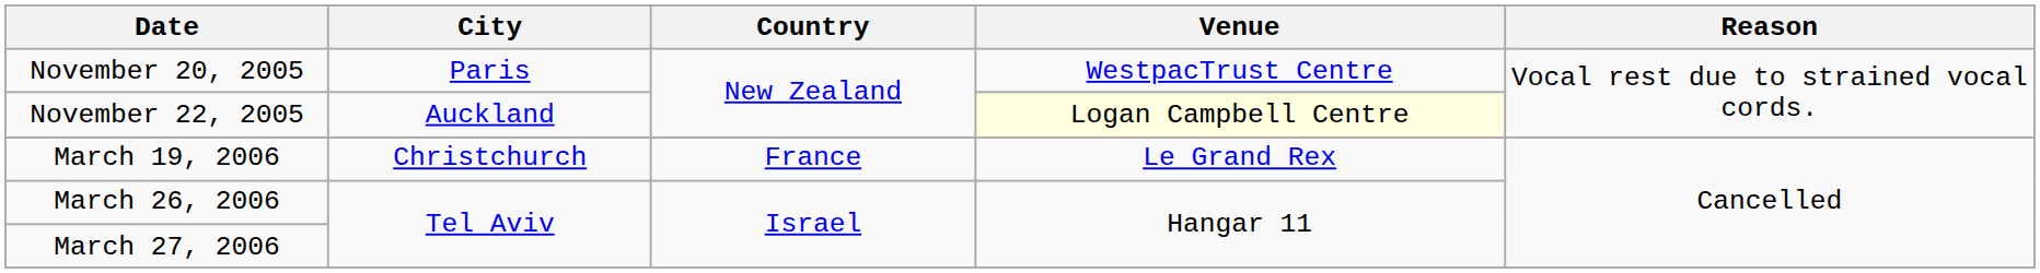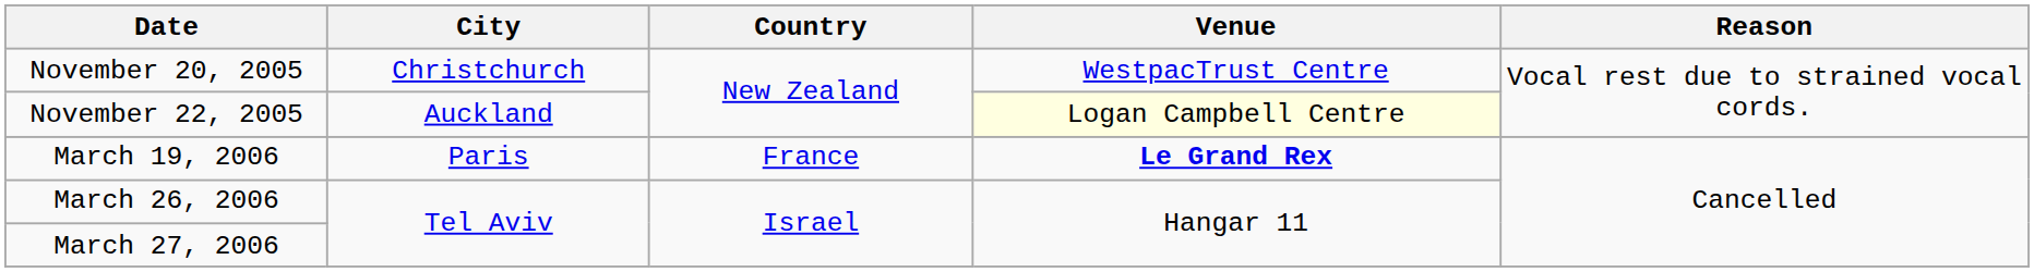 <table class="wikitable" style="text-align:center">
 <tr>
 <th style="width:150px;">Date</th>
 <th style="width:150px;">City</th>
 <th style="width:150px;">Country</th>
 <th style="width:250px;">Venue</th>
 <th style="width:250px;">Reason</th>
 </tr>
 <tr>
 <td>November 20, 2005</td>
-<td><a href='#'>Paris</a></td>
+<td><a href='#'>Christchurch</a></td>
 <td rowspan="2"><a href='#'>New Zealand</a></td>
 <td><a href='#'>WestpacTrust Centre</a></td>
 <td rowspan="2">Vocal rest due to strained vocal cords.</td>
 </tr>
 <tr>
 <td>November 22, 2005</td>
 <td><a href='#'>Auckland</a></td>
 <td style="background: lightyellow;">Logan Campbell Centre</td>
 </tr>
 <tr>
 <td>March 19, 2006</td>
-<td><a href='#'>Christchurch</a></td>
+<td><a href='#'>Paris</a></td>
 <td><a href='#'>France</a></td>
-<td><a href='#'>Le Grand Rex</a></td>
+<td><strong><a href='#'>Le Grand Rex</a></strong></td>
 <td rowspan=3>Cancelled</td>
 </tr>
 <tr>
 <td>March 26, 2006</td>
 <td rowspan=2><a href='#'>Tel Aviv</a></td>
 <td rowspan=2><a href='#'>Israel</a></td>
 <td rowspan=2>Hangar 11</td>
 </tr>
 <tr>
 <td>March 27, 2006</td>
 </tr>
 </table>
